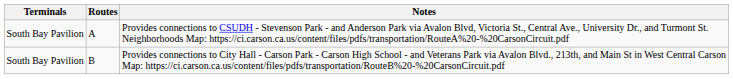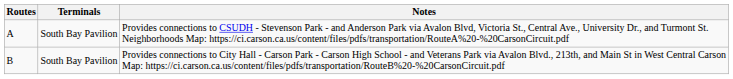 <table class="wikitable">
 <tr>
+<th>Routes</th>
 <th>Terminals</th>
-<th>Routes</th>
 <th>Notes</th>
 </tr>
 <tr>
+<td>A</td>
 <td>South Bay Pavilion</td>
-<td>A</td>
 <td>Provides connections to <a href='#'>CSUDH</a> - Stevenson Park - and Anderson Park via Avalon Blvd, Victoria St., Central Ave., University Dr., and Turmont St.<br>Neighborhoods Map: https://ci.carson.ca.us/content/files/pdfs/transportation/RouteA%20-%20CarsonCircuit.pdf</td>
 </tr>
 <tr>
+<td>B</td>
 <td>South Bay Pavilion</td>
-<td>B</td>
 <td>Provides connections to City Hall - Carson Park - Carson High School - and Veterans Park via Avalon Blvd., 213th, and Main St in West Central Carson<br>Map: https://ci.carson.ca.us/content/files/pdfs/transportation/RouteB%20-%20CarsonCircuit.pdf</td>
 </tr>
 </table>
